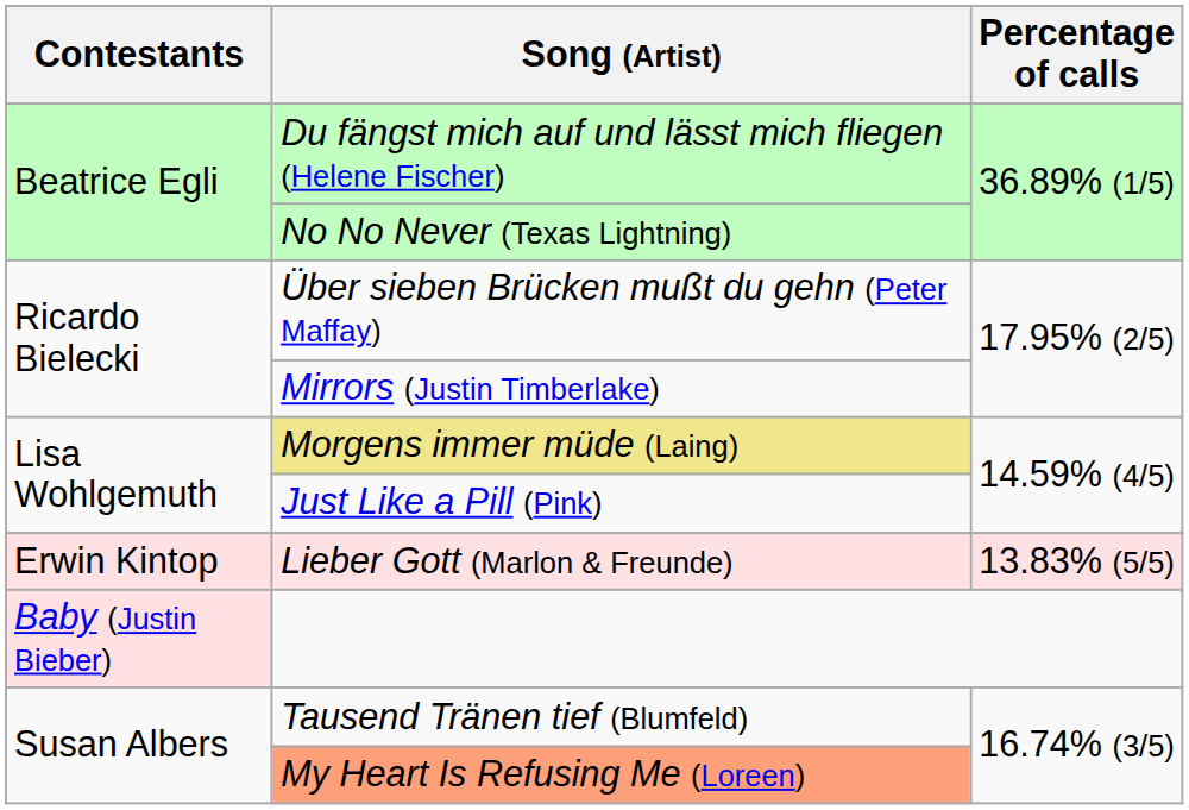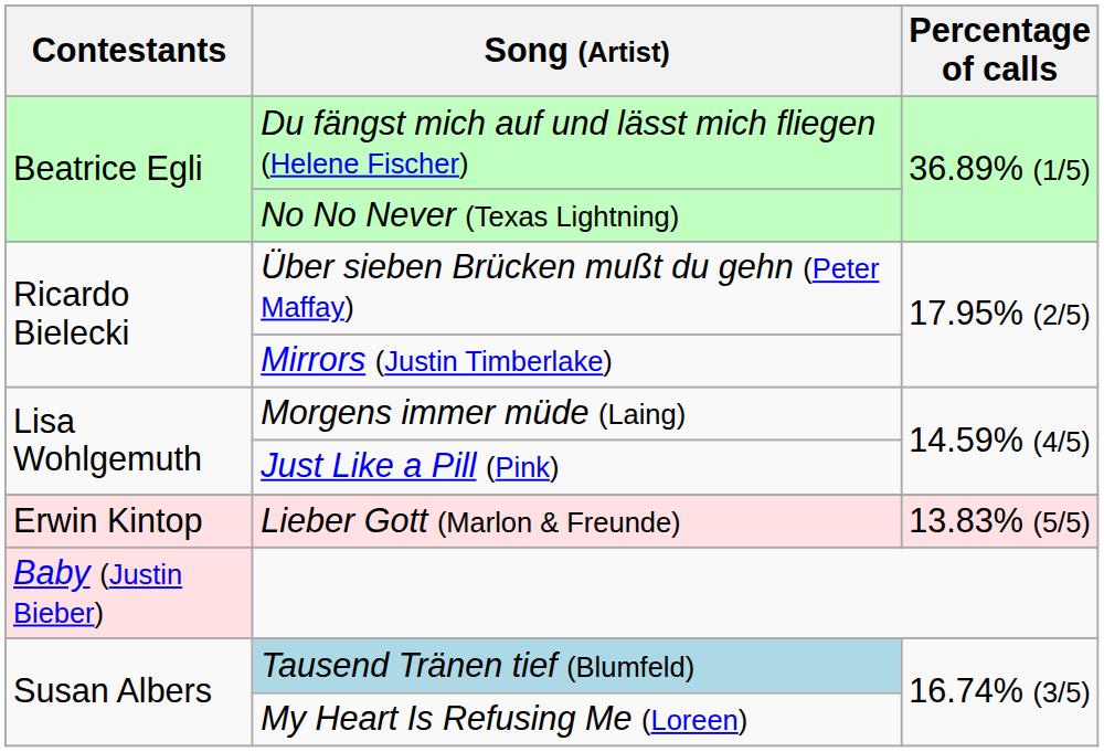 <table class="wikitable">
 <tr>
 <th style="width:110px;">Contestants</th>
 <th style="width:300px;">Song <small>(Artist)</small></th>
 <th style="width:80px;">Percentage of calls</th>
 </tr>
 <tr style="background:#c1ffc1;">
 <td align="left" rowspan=2>Beatrice Egli</td>
 <td align="left"><em>Du fängst mich auf und lässt mich fliegen</em> <small>(<a href='#'>Helene Fischer</a>)</small></td>
 <td rowspan=2>36.89% <small>(1/5)</small></td>
 </tr>
 <tr style="background:#c1ffc1;">
 <td align="left"><em>No No Never</em> <small>(Texas Lightning)</small></td>
 </tr>
 <tr>
 <td align="left" rowspan=2>Ricardo Bielecki</td>
 <td align="left"><em>Über sieben Brücken mußt du gehn</em> <small>(<a href='#'>Peter Maffay</a>)</small></td>
 <td rowspan=2>17.95% <small>(2/5)</small></td>
 </tr>
 <tr>
 <td align="left"><em><a href='#'>Mirrors</a></em> <small>(<a href='#'>Justin Timberlake</a>)</small></td>
 </tr>
 <tr>
 <td align="left" rowspan=2>Lisa Wohlgemuth</td>
-<td align="left" style="background: khaki;"><em>Morgens immer müde</em> <small>(Laing)</small></td>
+<td align="left"><em>Morgens immer müde</em> <small>(Laing)</small></td>
 <td rowspan=2>14.59% <small>(4/5)</small></td>
 </tr>
 <tr>
 <td align="left"><em><a href='#'>Just Like a Pill</a></em> <small>(<a href='#'>Pink</a>)</small></td>
 </tr>
 <tr>
 </tr>
 <tr bgcolor="#FFE1E4">
 <td align="left" rowspan=2>Erwin Kintop</td>
 <td align="left"><em>Lieber Gott</em> <small>(Marlon & Freunde)</small></td>
 <td rowspan=2>13.83% <small>(5/5)</small></td>
 </tr>
 <tr>
 </tr>
 <tr bgcolor="#FFE1E4">
 <td align="left"><em><a href='#'>Baby</a></em> <small>(<a href='#'>Justin Bieber</a>)</small></td>
 </tr>
 <tr>
 <td align="left" rowspan=2>Susan Albers</td>
-<td align="left"><em>Tausend Tränen tief</em> <small>(Blumfeld)</small></td>
+<td align="left" style="background: lightblue;"><em>Tausend Tränen tief</em> <small>(Blumfeld)</small></td>
 <td rowspan=2>16.74% <small>(3/5)</small></td>
 </tr>
 <tr>
-<td align="left" style="background: lightsalmon;"><em>My Heart Is Refusing Me</em> <small>(<a href='#'>Loreen</a>)</small></td>
+<td align="left"><em>My Heart Is Refusing Me</em> <small>(<a href='#'>Loreen</a>)</small></td>
 </tr>
 </table>
